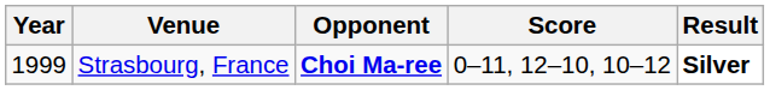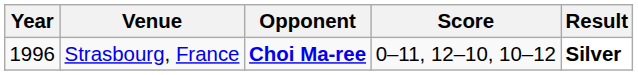 <table class="sortable wikitable" style="font-size:90%;">
 <tr>
 <th>Year</th>
 <th>Venue</th>
 <th>Opponent</th>
 <th>Score</th>
 <th>Result</th>
 </tr>
 <tr style="background:#">
-<td align="center">1999</td>
+<td align="center">1996</td>
 <td align="left"><a href='#'>Strasbourg</a>, <a href='#'>France</a></td>
 <td align="left"><strong> <a href='#'>Choi Ma-ree</a></strong></td>
 <td align="left">0–11, 12–10, 10–12</td>
 <td style="text-align:left; background:white"> <strong>Silver</strong></td>
 </tr>
 </table>
